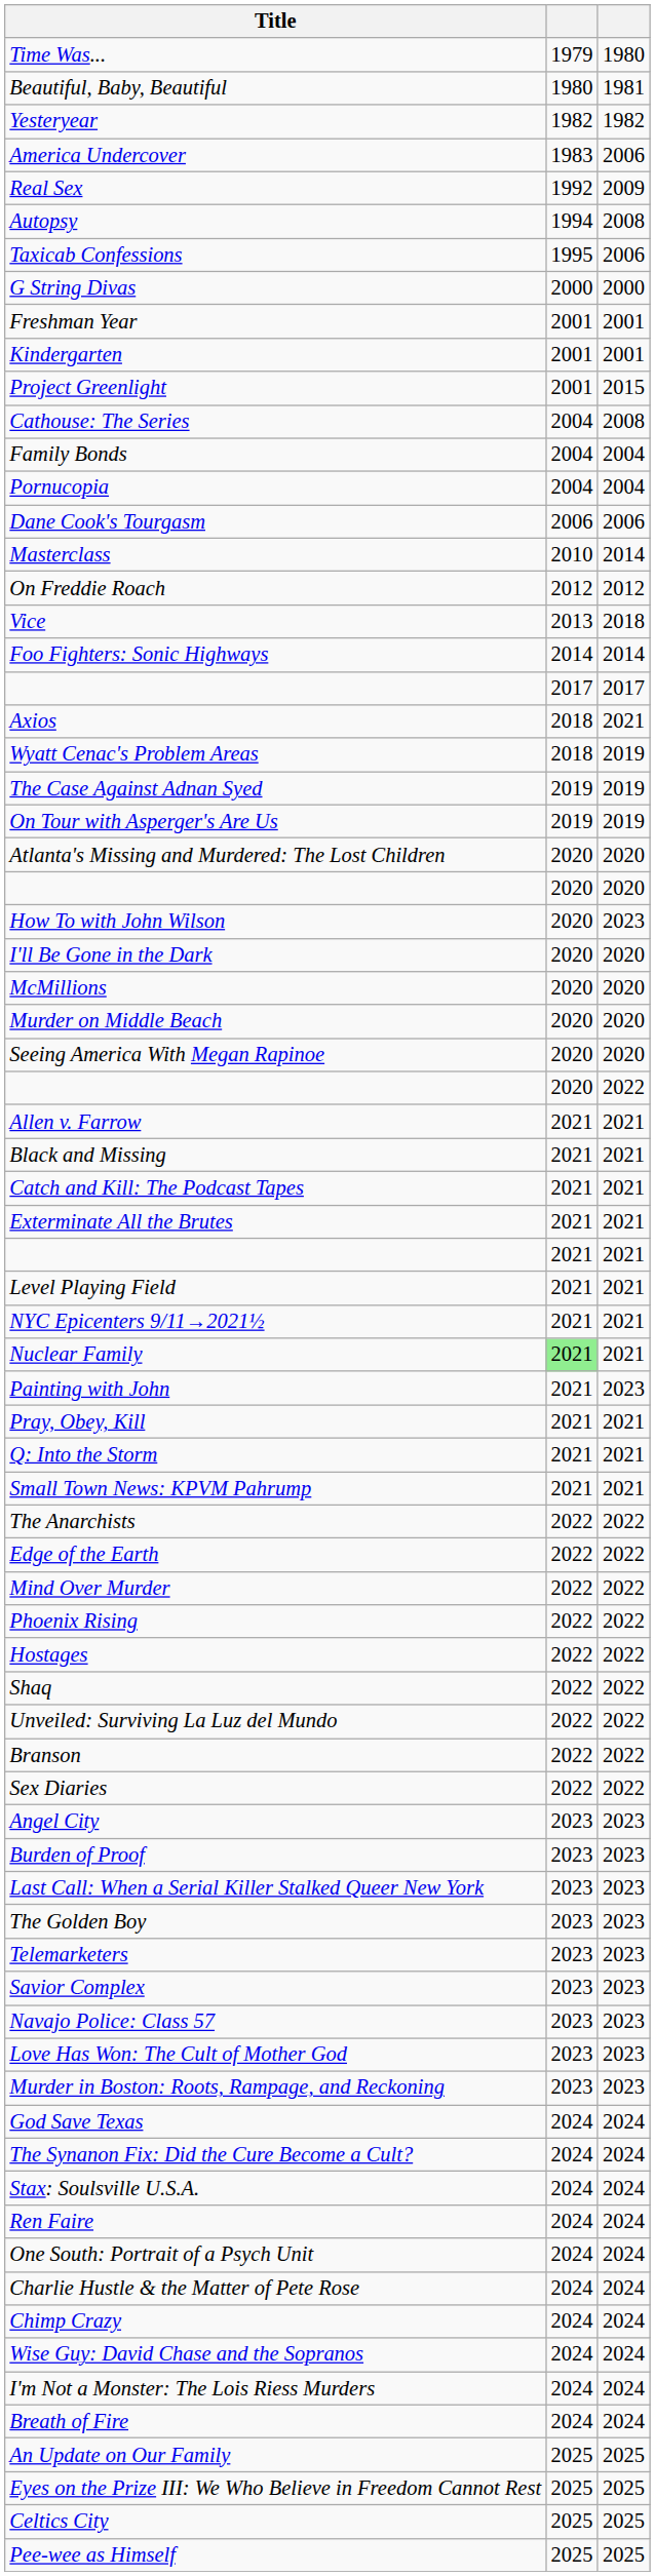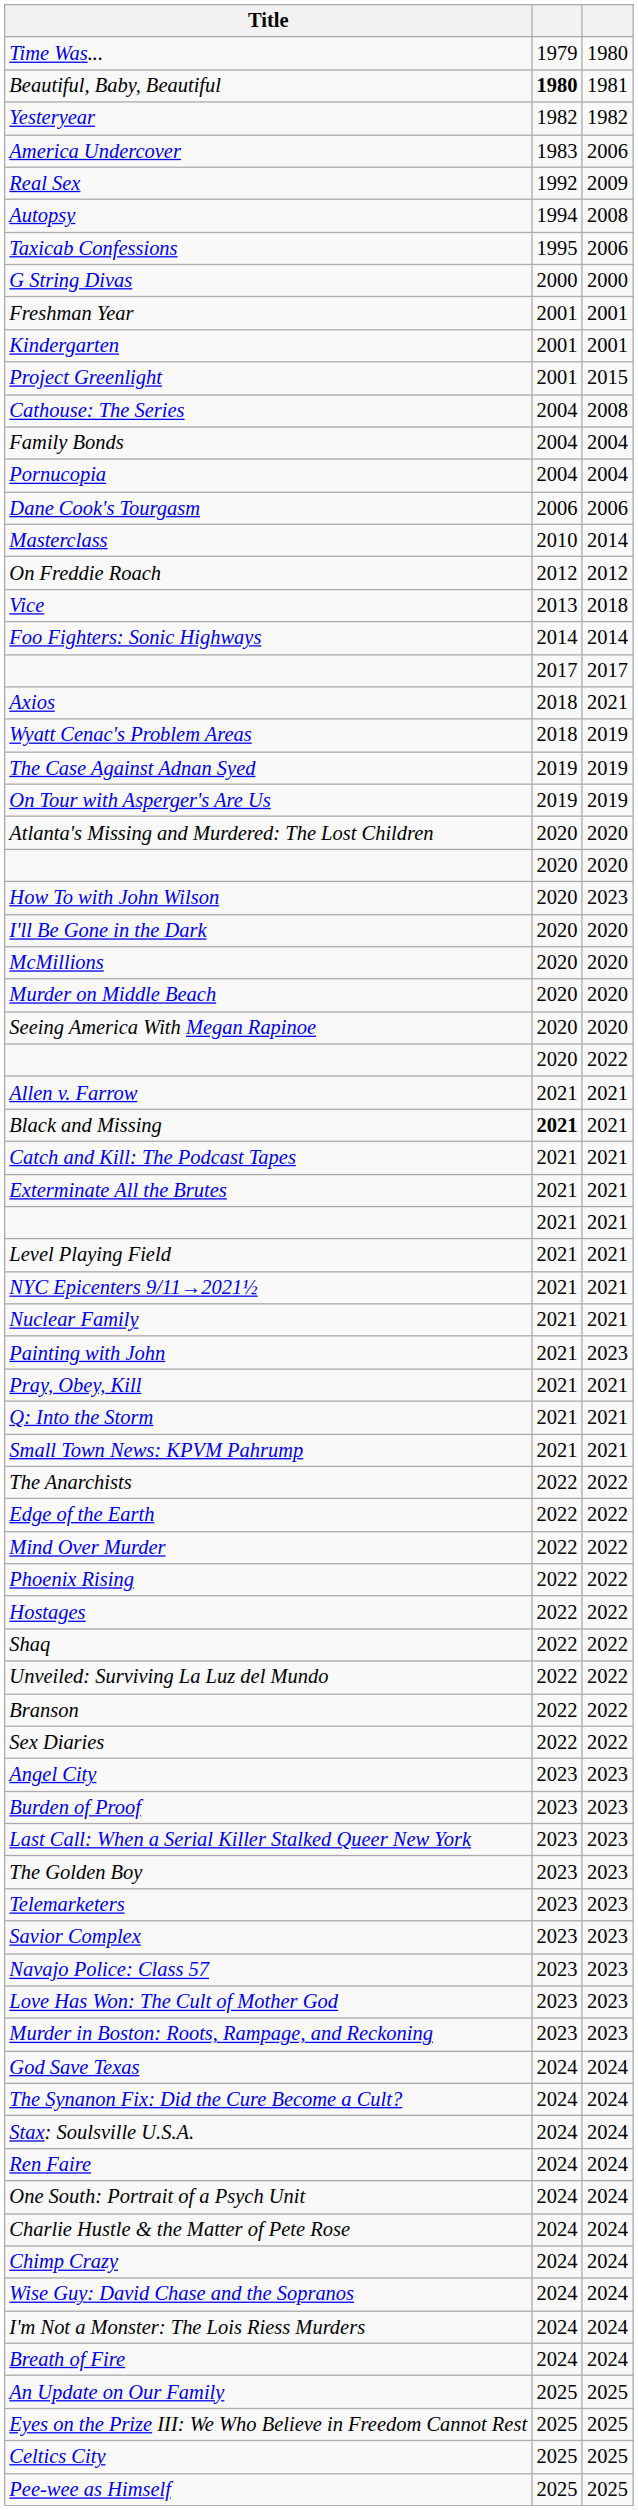 <table class="wikitable sortable">
 <tr>
 <th>Title</th>
 <th></th>
 <th></th>
 </tr>
 <tr>
 <td><em><a href='#'>Time Was</a>...</em></td>
 <td>1979</td>
 <td>1980</td>
 </tr>
 <tr>
 <td><em>Beautiful, Baby, Beautiful</em></td>
-<td>1980</td>
+<td><strong>1980</strong></td>
 <td>1981</td>
 </tr>
 <tr>
 <td><em><a href='#'>Yesteryear</a></em></td>
 <td>1982</td>
 <td>1982</td>
 </tr>
 <tr>
 <td><em><a href='#'>America Undercover</a></em></td>
 <td>1983</td>
 <td>2006</td>
 </tr>
 <tr>
 <td><em><a href='#'>Real Sex</a></em></td>
 <td>1992</td>
 <td>2009</td>
 </tr>
 <tr>
 <td><em><a href='#'>Autopsy</a></em></td>
 <td>1994</td>
 <td>2008</td>
 </tr>
 <tr>
 <td><em><a href='#'>Taxicab Confessions</a></em></td>
 <td>1995</td>
 <td>2006</td>
 </tr>
 <tr>
 <td><em><a href='#'>G String Divas</a></em></td>
 <td>2000</td>
 <td>2000</td>
 </tr>
 <tr>
 <td><em>Freshman Year</em></td>
 <td>2001</td>
 <td>2001</td>
 </tr>
 <tr>
 <td><em><a href='#'>Kindergarten</a></em></td>
 <td>2001</td>
 <td>2001</td>
 </tr>
 <tr>
 <td><em><a href='#'>Project Greenlight</a></em></td>
 <td>2001</td>
 <td>2015</td>
 </tr>
 <tr>
 <td><em><a href='#'>Cathouse: The Series</a></em></td>
 <td>2004</td>
 <td>2008</td>
 </tr>
 <tr>
 <td><em>Family Bonds</em></td>
 <td>2004</td>
 <td>2004</td>
 </tr>
 <tr>
 <td><em><a href='#'>Pornucopia</a></em></td>
 <td>2004</td>
 <td>2004</td>
 </tr>
 <tr>
 <td><em><a href='#'>Dane Cook's Tourgasm</a></em></td>
 <td>2006</td>
 <td>2006</td>
 </tr>
 <tr>
 <td><em><a href='#'>Masterclass</a></em></td>
 <td>2010</td>
 <td>2014</td>
 </tr>
 <tr>
 <td><em>On Freddie Roach</em></td>
 <td>2012</td>
 <td>2012</td>
 </tr>
 <tr>
 <td><em><a href='#'>Vice</a></em></td>
 <td>2013</td>
 <td>2018</td>
 </tr>
 <tr>
 <td><em><a href='#'>Foo Fighters: Sonic Highways</a></em></td>
 <td>2014</td>
 <td>2014</td>
 </tr>
 <tr>
 <td><em></em></td>
 <td>2017</td>
 <td>2017</td>
 </tr>
 <tr>
 <td><em><a href='#'>Axios</a></em></td>
 <td>2018</td>
 <td>2021</td>
 </tr>
 <tr>
 <td><em><a href='#'>Wyatt Cenac's Problem Areas</a></em></td>
 <td>2018</td>
 <td>2019</td>
 </tr>
 <tr>
 <td><em><a href='#'>The Case Against Adnan Syed</a></em></td>
 <td>2019</td>
 <td>2019</td>
 </tr>
 <tr>
 <td><em><a href='#'>On Tour with Asperger's Are Us</a></em></td>
 <td>2019</td>
 <td>2019</td>
 </tr>
 <tr>
 <td><em>Atlanta's Missing and Murdered: The Lost Children</em></td>
 <td>2020</td>
 <td>2020</td>
 </tr>
 <tr>
 <td><em></em></td>
 <td>2020</td>
 <td>2020</td>
 </tr>
 <tr>
 <td><em><a href='#'>How To with John Wilson</a></em></td>
 <td>2020</td>
 <td>2023</td>
 </tr>
 <tr>
 <td><em><a href='#'>I'll Be Gone in the Dark</a></em></td>
 <td>2020</td>
 <td>2020</td>
 </tr>
 <tr>
 <td><em><a href='#'>McMillions</a></em></td>
 <td>2020</td>
 <td>2020</td>
 </tr>
 <tr>
 <td><em><a href='#'>Murder on Middle Beach</a></em></td>
 <td>2020</td>
 <td>2020</td>
 </tr>
 <tr>
 <td><em>Seeing America With <a href='#'>Megan Rapinoe</a></em></td>
 <td>2020</td>
 <td>2020</td>
 </tr>
 <tr>
 <td><em></em></td>
 <td>2020</td>
 <td>2022</td>
 </tr>
 <tr>
 <td><em><a href='#'>Allen v. Farrow</a></em></td>
 <td>2021</td>
 <td>2021</td>
 </tr>
 <tr>
 <td><em>Black and Missing</em></td>
-<td>2021</td>
+<td><strong>2021</strong></td>
 <td>2021</td>
 </tr>
 <tr>
 <td><em><a href='#'>Catch and Kill: The Podcast Tapes</a></em></td>
 <td>2021</td>
 <td>2021</td>
 </tr>
 <tr>
 <td><em><a href='#'>Exterminate All the Brutes</a></em></td>
 <td>2021</td>
 <td>2021</td>
 </tr>
 <tr>
 <td><em></em></td>
 <td>2021</td>
 <td>2021</td>
 </tr>
 <tr>
 <td><em>Level Playing Field</em></td>
 <td>2021</td>
 <td>2021</td>
 </tr>
 <tr>
 <td><em><a href='#'>NYC Epicenters 9/11→2021½</a></em></td>
 <td>2021</td>
 <td>2021</td>
 </tr>
 <tr>
 <td><em><a href='#'>Nuclear Family</a></em></td>
-<td style="background: lightgreen;">2021</td>
+<td>2021</td>
 <td>2021</td>
 </tr>
 <tr>
 <td><em><a href='#'>Painting with John</a></em></td>
 <td>2021</td>
 <td>2023</td>
 </tr>
 <tr>
 <td><em><a href='#'>Pray, Obey, Kill</a></em></td>
 <td>2021</td>
 <td>2021</td>
 </tr>
 <tr>
 <td><em><a href='#'>Q: Into the Storm</a></em></td>
 <td>2021</td>
 <td>2021</td>
 </tr>
 <tr>
 <td><em><a href='#'>Small Town News: KPVM Pahrump</a></em></td>
 <td>2021</td>
 <td>2021</td>
 </tr>
 <tr>
 <td><em>The Anarchists</em></td>
 <td>2022</td>
 <td>2022</td>
 </tr>
 <tr>
 <td><em><a href='#'>Edge of the Earth</a></em></td>
 <td>2022</td>
 <td>2022</td>
 </tr>
 <tr>
 <td><em><a href='#'>Mind Over Murder</a></em></td>
 <td>2022</td>
 <td>2022</td>
 </tr>
 <tr>
 <td><em><a href='#'>Phoenix Rising</a></em></td>
 <td>2022</td>
 <td>2022</td>
 </tr>
 <tr>
 <td><em><a href='#'>Hostages</a></em></td>
 <td>2022</td>
 <td>2022</td>
 </tr>
 <tr>
 <td><em>Shaq</em></td>
 <td>2022</td>
 <td>2022</td>
 </tr>
 <tr>
 <td><em>Unveiled: Surviving La Luz del Mundo</em></td>
 <td>2022</td>
 <td>2022</td>
 </tr>
 <tr>
 <td><em>Branson</em></td>
 <td>2022</td>
 <td>2022</td>
 </tr>
 <tr>
 <td><em>Sex Diaries</em></td>
 <td>2022</td>
 <td>2022</td>
 </tr>
 <tr>
 <td><em><a href='#'>Angel City</a></em></td>
 <td>2023</td>
 <td>2023</td>
 </tr>
 <tr>
 <td><em><a href='#'>Burden of Proof</a></em></td>
 <td>2023</td>
 <td>2023</td>
 </tr>
 <tr>
 <td><em><a href='#'>Last Call: When a Serial Killer Stalked Queer New York</a></em></td>
 <td>2023</td>
 <td>2023</td>
 </tr>
 <tr>
 <td><em>The Golden Boy</em></td>
 <td>2023</td>
 <td>2023</td>
 </tr>
 <tr>
 <td><em><a href='#'>Telemarketers</a></em></td>
 <td>2023</td>
 <td>2023</td>
 </tr>
 <tr>
 <td><em><a href='#'>Savior Complex</a></em></td>
 <td>2023</td>
 <td>2023</td>
 </tr>
 <tr>
 <td><em><a href='#'>Navajo Police: Class 57</a></em></td>
 <td>2023</td>
 <td>2023</td>
 </tr>
 <tr>
 <td><em><a href='#'>Love Has Won: The Cult of Mother God</a></em></td>
 <td>2023</td>
 <td>2023</td>
 </tr>
 <tr>
 <td><em><a href='#'>Murder in Boston: Roots, Rampage, and Reckoning</a></em></td>
 <td>2023</td>
 <td>2023</td>
 </tr>
 <tr>
 <td><em><a href='#'>God Save Texas</a></em></td>
 <td>2024</td>
 <td>2024</td>
 </tr>
 <tr>
 <td><em><a href='#'>The Synanon Fix: Did the Cure Become a Cult?</a></em></td>
 <td>2024</td>
 <td>2024</td>
 </tr>
 <tr>
 <td><em><a href='#'>Stax</a>: Soulsville U.S.A.</em></td>
 <td>2024</td>
 <td>2024</td>
 </tr>
 <tr>
 <td><em><a href='#'>Ren Faire</a></em></td>
 <td>2024</td>
 <td>2024</td>
 </tr>
 <tr>
 <td><em>One South: Portrait of a Psych Unit</em></td>
 <td>2024</td>
 <td>2024</td>
 </tr>
 <tr>
 <td><em>Charlie Hustle & the Matter of Pete Rose</em></td>
 <td>2024</td>
 <td>2024</td>
 </tr>
 <tr>
 <td><em><a href='#'>Chimp Crazy</a></em></td>
 <td>2024</td>
 <td>2024</td>
 </tr>
 <tr>
 <td><em><a href='#'>Wise Guy: David Chase and the Sopranos</a></em></td>
 <td>2024</td>
 <td>2024</td>
 </tr>
 <tr>
 <td><em>I'm Not a Monster: The Lois Riess Murders</em></td>
 <td>2024</td>
 <td>2024</td>
 </tr>
 <tr>
 <td><em><a href='#'>Breath of Fire</a></em></td>
 <td>2024</td>
 <td>2024</td>
 </tr>
 <tr>
 <td><em><a href='#'>An Update on Our Family</a></em></td>
 <td>2025</td>
 <td>2025</td>
 </tr>
 <tr>
 <td><em><a href='#'>Eyes on the Prize</a> III: We Who Believe in Freedom Cannot Rest</em></td>
 <td>2025</td>
 <td>2025</td>
 </tr>
 <tr>
 <td><em><a href='#'>Celtics City</a></em></td>
 <td>2025</td>
 <td>2025</td>
 </tr>
 <tr>
 <td><em><a href='#'>Pee-wee as Himself</a></em></td>
 <td>2025</td>
 <td>2025</td>
 </tr>
 </table>
